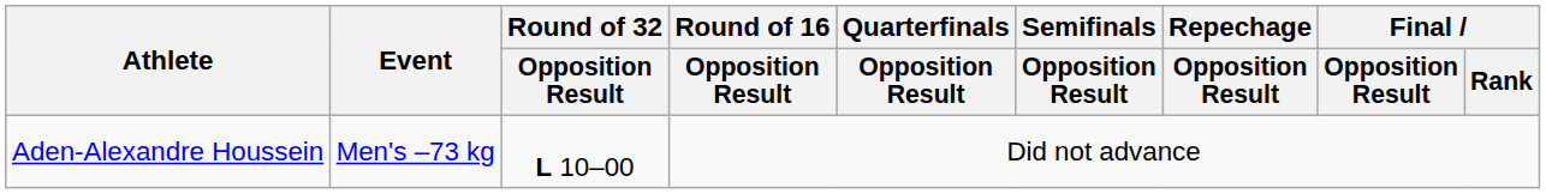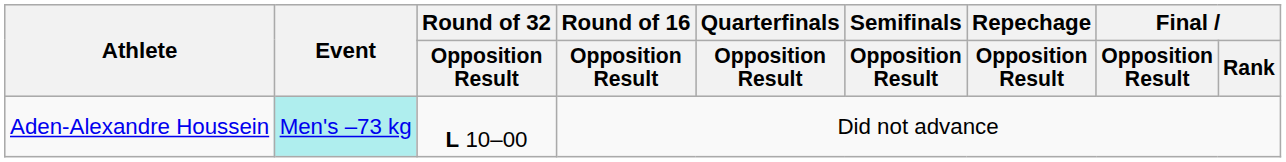 <table class="wikitable" style="font-size:90%">
 <tr>
 <th rowspan="2">Athlete</th>
 <th rowspan="2">Event</th>
 <th>Round of 32</th>
 <th>Round of 16</th>
 <th>Quarterfinals</th>
 <th>Semifinals</th>
 <th>Repechage</th>
 <th colspan=2>Final / </th>
 </tr>
 <tr style="font-size:95%">
 <th>Opposition<br>Result</th>
 <th>Opposition<br>Result</th>
 <th>Opposition<br>Result</th>
 <th>Opposition<br>Result</th>
 <th>Opposition<br>Result</th>
 <th>Opposition<br>Result</th>
 <th>Rank</th>
 </tr>
 <tr align=center>
 <td align=left><a href='#'>Aden-Alexandre Houssein</a></td>
-<td align=left><a href='#'>Men's –73 kg</a></td>
+<td align=left style="background: paleturquoise;"><a href='#'>Men's –73 kg</a></td>
 <td><br><strong>L</strong> 10–00</td>
 <td colspan=6>Did not advance</td>
 </tr>
 </table>
